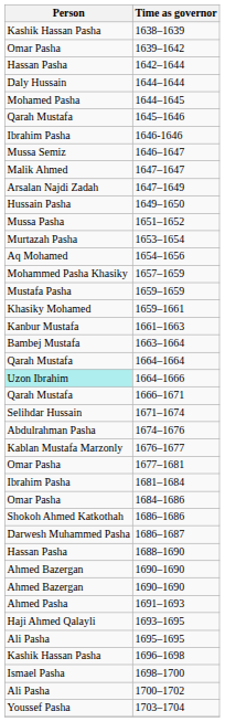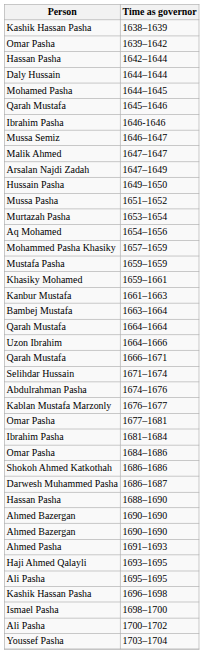 <table class="wikitable">
 <tr>
 <th>Person</th>
 <th>Time as governor</th>
 </tr>
 <tr>
 <td>Kashik Hassan Pasha</td>
 <td>1638–1639</td>
 </tr>
 <tr>
 <td>Omar Pasha</td>
 <td>1639–1642</td>
 </tr>
 <tr>
 <td>Hassan Pasha</td>
 <td>1642–1644</td>
 </tr>
 <tr>
 <td>Daly Hussain</td>
 <td>1644–1644</td>
 </tr>
 <tr>
 <td>Mohamed Pasha</td>
 <td>1644–1645</td>
 </tr>
 <tr>
 <td>Qarah Mustafa</td>
 <td>1645–1646</td>
 </tr>
 <tr>
 <td>Ibrahim Pasha</td>
 <td>1646-1646</td>
 </tr>
 <tr>
 <td>Mussa Semiz</td>
 <td>1646–1647</td>
 </tr>
 <tr>
 <td>Malik Ahmed</td>
 <td>1647–1647</td>
 </tr>
 <tr>
 <td>Arsalan Najdi Zadah</td>
 <td>1647–1649</td>
 </tr>
 <tr>
 <td>Hussain Pasha</td>
 <td>1649–1650</td>
 </tr>
 <tr>
 <td>Mussa Pasha</td>
 <td>1651–1652</td>
 </tr>
 <tr>
 <td>Murtazah Pasha</td>
 <td>1653–1654</td>
 </tr>
 <tr>
 <td>Aq Mohamed</td>
 <td>1654–1656</td>
 </tr>
 <tr>
 <td>Mohammed Pasha Khasiky</td>
 <td>1657–1659</td>
 </tr>
 <tr>
 <td>Mustafa Pasha</td>
 <td>1659–1659</td>
 </tr>
 <tr>
 <td>Khasiky Mohamed</td>
 <td>1659–1661</td>
 </tr>
 <tr>
 <td>Kanbur Mustafa</td>
 <td>1661–1663</td>
 </tr>
 <tr>
 <td>Bambej Mustafa</td>
 <td>1663–1664</td>
 </tr>
 <tr>
 <td>Qarah Mustafa</td>
 <td>1664–1664</td>
 </tr>
 <tr>
-<td style="background: paleturquoise;">Uzon Ibrahim</td>
+<td>Uzon Ibrahim</td>
 <td>1664–1666</td>
 </tr>
 <tr>
 <td>Qarah Mustafa</td>
 <td>1666–1671</td>
 </tr>
 <tr>
 <td>Selihdar Hussain</td>
 <td>1671–1674</td>
 </tr>
 <tr>
 <td>Abdulrahman Pasha</td>
 <td>1674–1676</td>
 </tr>
 <tr>
 <td>Kablan Mustafa Marzonly</td>
 <td>1676–1677</td>
 </tr>
 <tr>
 <td>Omar Pasha</td>
 <td>1677–1681</td>
 </tr>
 <tr>
 <td>Ibrahim Pasha</td>
 <td>1681–1684</td>
 </tr>
 <tr>
 <td>Omar Pasha</td>
 <td>1684–1686</td>
 </tr>
 <tr>
 <td>Shokoh Ahmed Katkothah</td>
 <td>1686–1686</td>
 </tr>
 <tr>
 <td>Darwesh Muhammed Pasha</td>
 <td>1686–1687</td>
 </tr>
 <tr>
 <td>Hassan Pasha</td>
 <td>1688–1690</td>
 </tr>
 <tr>
 <td>Ahmed Bazergan</td>
 <td>1690–1690</td>
 </tr>
 <tr>
 <td>Ahmed Bazergan</td>
 <td>1690–1690</td>
 </tr>
 <tr>
 <td>Ahmed Pasha</td>
 <td>1691–1693</td>
 </tr>
 <tr>
 <td>Haji Ahmed Qalayli</td>
 <td>1693–1695</td>
 </tr>
 <tr>
 <td>Ali Pasha</td>
 <td>1695–1695</td>
 </tr>
 <tr>
 <td>Kashik Hassan Pasha</td>
 <td>1696–1698</td>
 </tr>
 <tr>
 <td>Ismael Pasha</td>
 <td>1698–1700</td>
 </tr>
 <tr>
 <td>Ali Pasha</td>
 <td>1700–1702</td>
 </tr>
 <tr>
 <td>Youssef Pasha</td>
 <td>1703–1704</td>
 </tr>
 <tr>
 </tr>
 </table>
